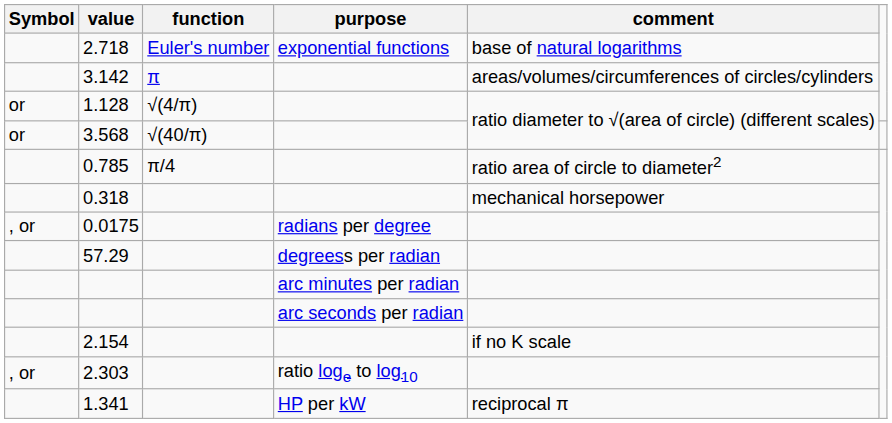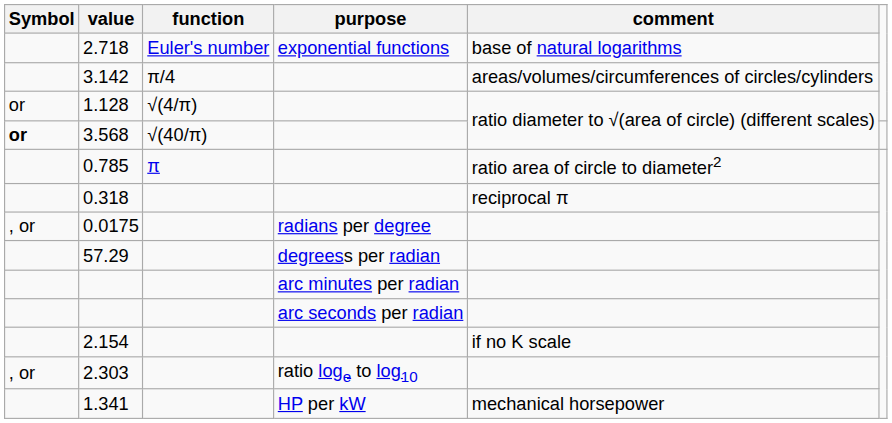 <table class="wikitable sortable">
 <tr>
 <th>Symbol</th>
 <th data-sort-type="number">value</th>
 <th class="unsortable">function</th>
 <th class="unsortable">purpose</th>
 <th class="unsortable">comment</th>
 </tr>
 <tr>
 <td></td>
 <td data-sort-value="271">2.718</td>
 <td><a href='#'>Euler's number</a></td>
 <td><a href='#'>exponential functions</a></td>
 <td>base of <a href='#'>natural logarithms</a></td>
 </tr>
 <tr>
 <td></td>
 <td data-sort-value="314">3.142</td>
-<td><a href='#'>π</a></td>
+<td>π/4</td>
 <td></td>
 <td>areas/volumes/circumferences of circles/cylinders</td>
 </tr>
 <tr>
 <td> or </td>
 <td data-sort-value="112">1.128</td>
 <td>√(4/π)</td>
 <td></td>
 <td rowspan=2>ratio diameter to √(area of circle) (different scales)</td>
 </tr>
 <tr>
-<td> or </td>
+<td><strong> or </strong></td>
 <td data-sort-value="357">3.568</td>
 <td>√(40/π)</td>
 <td></td>
 <td></td>
 </tr>
 <tr>
 <td></td>
 <td data-sort-value="78">0.785</td>
-<td>π/4</td>
+<td><a href='#'>π</a></td>
 <td></td>
 <td>ratio area of circle to diameter<sup>2</sup></td>
 </tr>
 <tr>
 <td></td>
 <td data-sort-value="32">0.318</td>
 <td></td>
 <td></td>
-<td>mechanical horsepower</td>
+<td>reciprocal π</td>
 </tr>
 <tr>
 <td>,  or </td>
 <td data-sort-value="02">0.0175</td>
 <td></td>
 <td><a href='#'>radians</a> per <a href='#'>degree</a></td>
 <td></td>
 </tr>
 <tr>
 <td></td>
 <td data-sort-value="5729">57.29</td>
 <td></td>
 <td><a href='#'>degrees</a>s per <a href='#'>radian</a></td>
 <td></td>
 </tr>
 <tr>
 <td></td>
 <td data-sort-value="343800"></td>
 <td></td>
 <td><a href='#'>arc minutes</a> per <a href='#'>radian</a></td>
 <td></td>
 </tr>
 <tr>
 <td></td>
 <td data-sort-value="20630000"></td>
 <td></td>
 <td><a href='#'>arc seconds</a> per <a href='#'>radian</a></td>
 <td></td>
 </tr>
 <tr>
 <td></td>
 <td data-sort-value="215">2.154</td>
 <td></td>
 <td></td>
 <td>if no K scale</td>
 </tr>
 <tr>
 <td>,  or </td>
 <td data-sort-value="230">2.303</td>
 <td></td>
 <td>ratio <a href='#'>log<sub>e</sub></a> to <a href='#'>log<sub>10</sub></a></td>
 <td></td>
 </tr>
 <tr>
 <td></td>
 <td data-sort-value="134">1.341</td>
 <td></td>
 <td><a href='#'>HP</a> per  <a href='#'>kW</a></td>
-<td>reciprocal π</td>
+<td>mechanical horsepower</td>
 </tr>
 </table>
